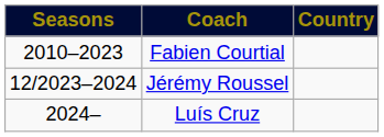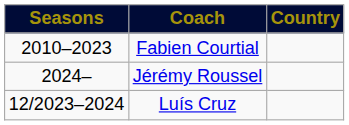 <table class="wikitable" style="text-align: center;">
 <tr>
 <th style="color:#A6940B; background:#000B37">Seasons</th>
 <th style="color:#A6940B; background:#000B37">Coach</th>
 <th style="color:#A6940B; background:#000B37">Country</th>
 </tr>
 <tr>
 <td style="text-align: center">2010–2023</td>
 <td style="text-align: center"><a href='#'>Fabien Courtial</a></td>
 <td style="text-align: center"></td>
 </tr>
 <tr>
-<td style="text-align: center">12/2023–2024</td>
+<td style="text-align: center">2024–</td>
 <td style="text-align: center"><a href='#'>Jérémy Roussel</a></td>
 <td style="text-align: center"></td>
 </tr>
 <tr>
-<td style="text-align: center">2024–</td>
+<td style="text-align: center">12/2023–2024</td>
 <td style="text-align: center"><a href='#'>Luís Cruz</a></td>
 <td style="text-align: center"></td>
 </tr>
 </table>
